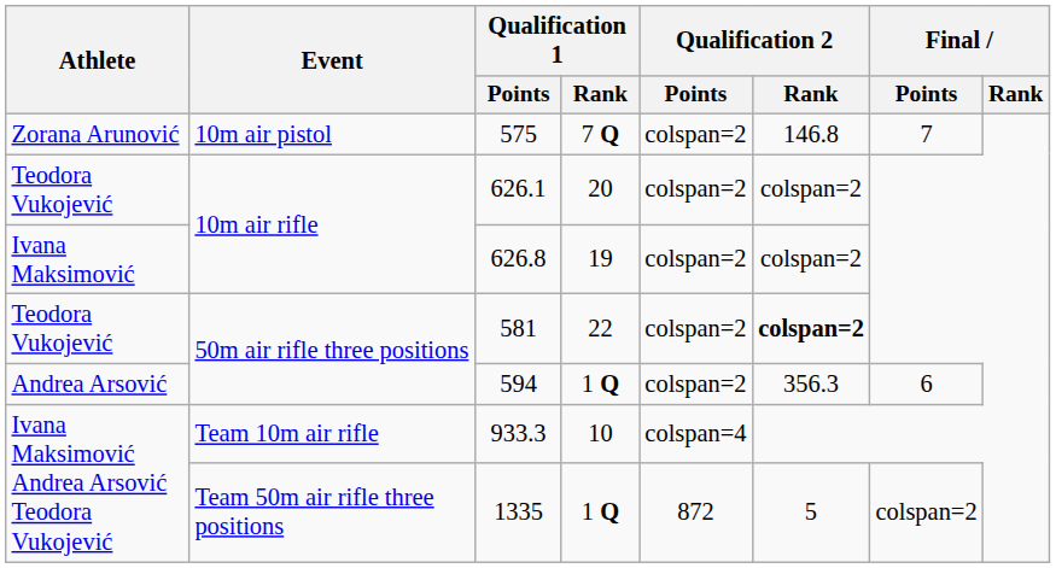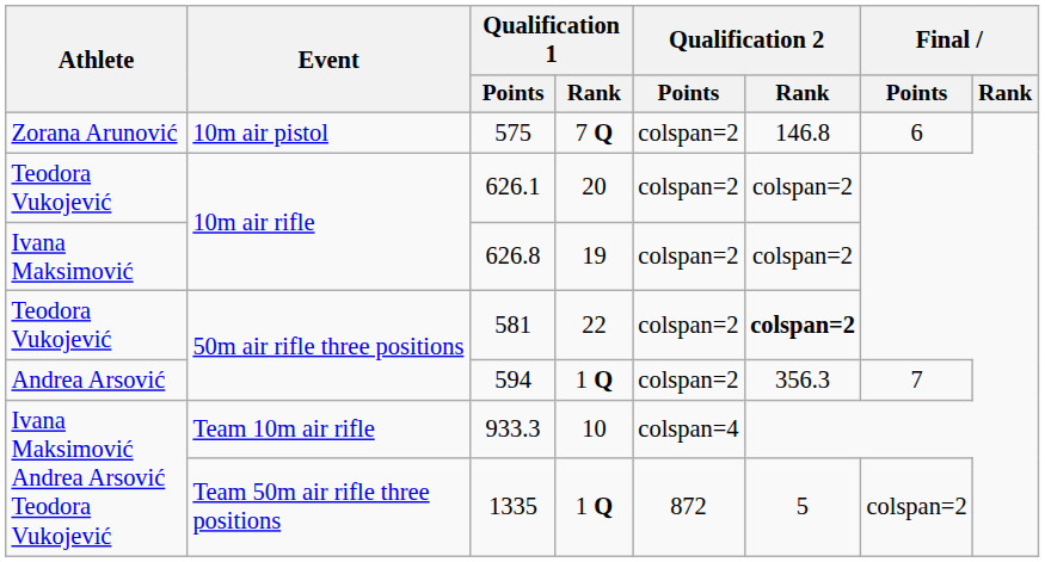 <table class="wikitable" style="font-size:90%">
 <tr>
 <th rowspan="2">Athlete</th>
 <th rowspan="2">Event</th>
 <th colspan=2>Qualification 1</th>
 <th colspan=2>Qualification 2</th>
 <th colspan=2>Final / </th>
 </tr>
 <tr style="font-size:95%">
 <th>Points</th>
 <th>Rank</th>
 <th>Points</th>
 <th>Rank</th>
 <th>Points</th>
 <th>Rank</th>
 </tr>
 <tr align=center>
 <td align=left><a href='#'>Zorana Arunović</a></td>
 <td align="left"><a href='#'>10m air pistol</a></td>
 <td>575</td>
 <td>7 <strong>Q</strong></td>
 <td>colspan=2 </td>
 <td>146.8</td>
-<td>7</td>
+<td>6</td>
 </tr>
 <tr align=center>
 <td align=left><a href='#'>Teodora Vukojević</a></td>
 <td rowspan="2" align="left"><a href='#'>10m air rifle</a></td>
 <td>626.1</td>
 <td>20</td>
 <td>colspan=2 </td>
 <td>colspan=2 </td>
 </tr>
 <tr align=center>
 <td align=left><a href='#'>Ivana Maksimović</a></td>
 <td>626.8</td>
 <td>19</td>
 <td>colspan=2 </td>
 <td>colspan=2 </td>
 </tr>
 <tr align=center>
 <td align=left><a href='#'>Teodora Vukojević</a></td>
 <td rowspan="2" align="left"><a href='#'>50m air rifle three positions</a></td>
 <td>581</td>
 <td>22</td>
 <td>colspan=2 </td>
 <td><strong>colspan=2 </strong></td>
 </tr>
 <tr align=center>
 <td align=left><a href='#'>Andrea Arsović</a></td>
 <td>594</td>
 <td>1 <strong>Q</strong></td>
 <td>colspan=2 </td>
 <td>356.3</td>
-<td>6</td>
+<td>7</td>
 </tr>
 <tr align=center>
 <td align=left rowspan=2><a href='#'>Ivana Maksimović</a><br><a href='#'>Andrea Arsović</a><br><a href='#'>Teodora Vukojević</a></td>
 <td align="left"><a href='#'>Team 10m air rifle</a></td>
 <td>933.3</td>
 <td>10</td>
 <td>colspan=4 </td>
 </tr>
 <tr align=center>
 <td align="left"><a href='#'>Team 50m air rifle three positions</a></td>
 <td>1335</td>
 <td>1 <strong>Q</strong></td>
 <td>872</td>
 <td>5</td>
 <td>colspan=2 </td>
 </tr>
 </table>
